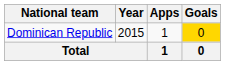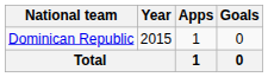 <table class="wikitable" style="text-align:center">
 <tr>
 <th>National team</th>
 <th>Year</th>
 <th>Apps</th>
 <th>Goals</th>
 </tr>
 <tr>
 <td rowspan="1"><a href='#'>Dominican Republic</a></td>
 <td>2015</td>
 <td>1</td>
-<td style="background: gold;">0</td>
+<td>0</td>
 </tr>
 <tr>
 <th colspan=2>Total</th>
 <th>1</th>
 <th>0</th>
 </tr>
 </table>
